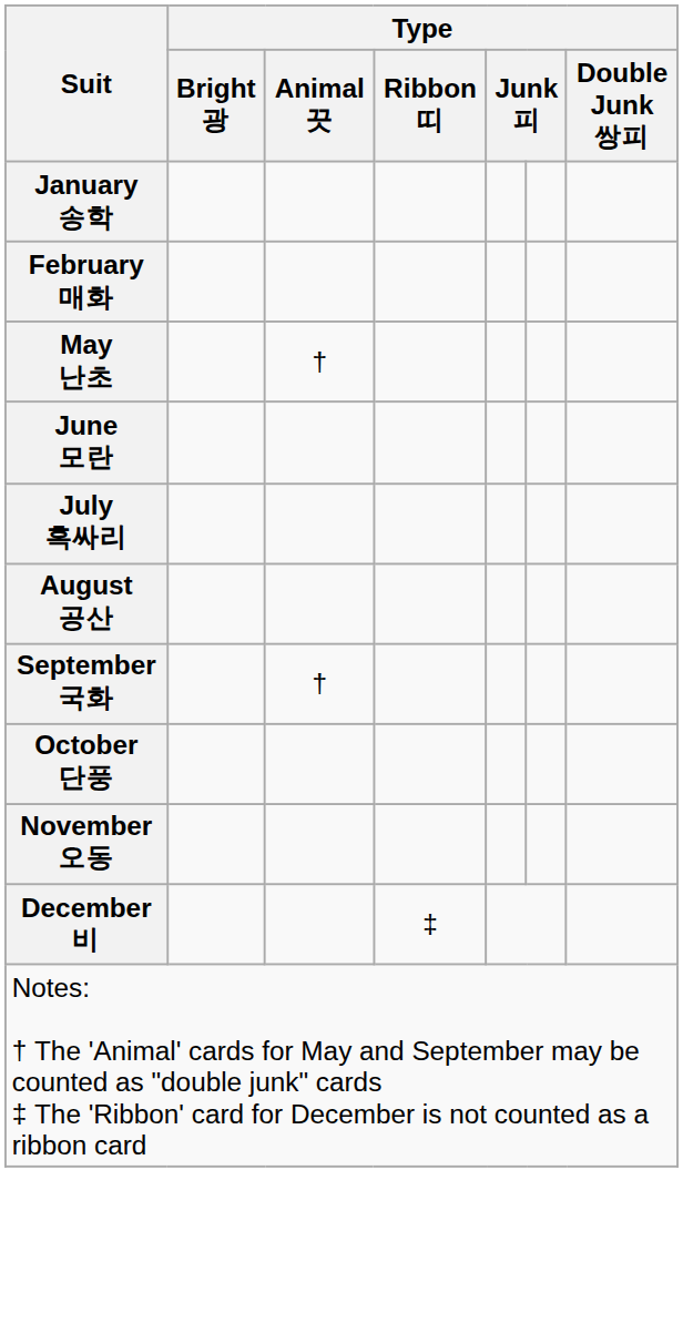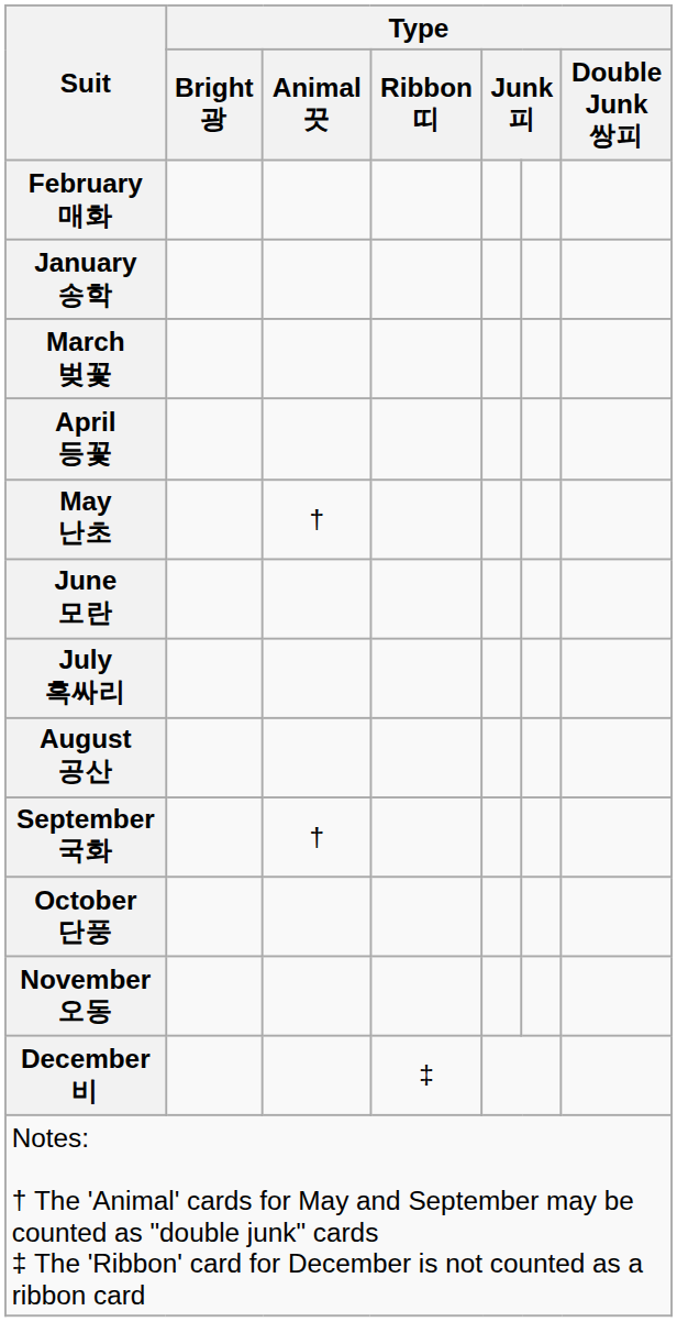 <table class="wikitable floatright" style="font-size:80%;text-align:center;width:25em;">
 <tr>
 <th rowspan=2>Suit</th>
 <th colspan=6>Type</th>
 </tr>
 <tr>
 <th>Bright<br>광</th>
 <th>Animal<br>끗</th>
 <th>Ribbon<br>띠</th>
 <th colspan=2>Junk<br>피</th>
 <th>Double<br>Junk<br>쌍피</th>
 </tr>
 <tr>
+<th>February<br>매화</th>
+<td> </td>
+<td></td>
+<td></td>
+<td></td>
+<td></td>
+<td> </td>
+</tr>
+<tr>
 <th>January<br>송학</th>
 <td></td>
 <td> </td>
 <td></td>
 <td></td>
 <td></td>
 <td> </td>
 </tr>
 <tr>
-<th>February<br>매화</th>
+<th>March<br>벚꽃</th>
+<td></td>
+<td> </td>
+<td></td>
+<td></td>
+<td></td>
+<td> </td>
+</tr>
+<tr>
+<th>April<br>등꽃</th>
 <td> </td>
 <td></td>
 <td></td>
 <td></td>
 <td></td>
 <td> </td>
 </tr>
 <tr>
 <th>May<br>난초</th>
 <td> </td>
 <td>†</td>
 <td></td>
 <td></td>
 <td></td>
 <td></td>
 </tr>
 <tr>
 <th>June<br>모란</th>
 <td> </td>
 <td></td>
 <td></td>
 <td></td>
 <td></td>
 <td> </td>
 </tr>
 <tr>
 <th>July<br>흑싸리</th>
 <td> </td>
 <td></td>
 <td></td>
 <td></td>
 <td></td>
 <td> </td>
 </tr>
 <tr>
 <th>August<br>공산</th>
 <td></td>
 <td></td>
 <td> </td>
 <td></td>
 <td></td>
 <td> </td>
 </tr>
 <tr>
 <th>September<br>국화</th>
 <td> </td>
 <td>†</td>
 <td></td>
 <td></td>
 <td></td>
 <td></td>
 </tr>
 <tr>
 <th>October<br>단풍</th>
 <td> </td>
 <td></td>
 <td></td>
 <td></td>
 <td></td>
 <td> </td>
 </tr>
 <tr>
 <th>November<br>오동</th>
 <td></td>
 <td> </td>
 <td> </td>
 <td></td>
 <td></td>
 <td></td>
 </tr>
 <tr>
 <th>December<br>비</th>
 <td></td>
 <td></td>
 <td>‡</td>
 <td colspan=2></td>
 <td></td>
 </tr>
 <tr>
 <td style="text-align:left;width=25em;" colspan=7>Notes:<br><br>† The 'Animal' cards for May and September may be counted as "double junk" cards<br> ‡ The 'Ribbon' card for December is not counted as a ribbon card</td>
 </tr>
 </table>
